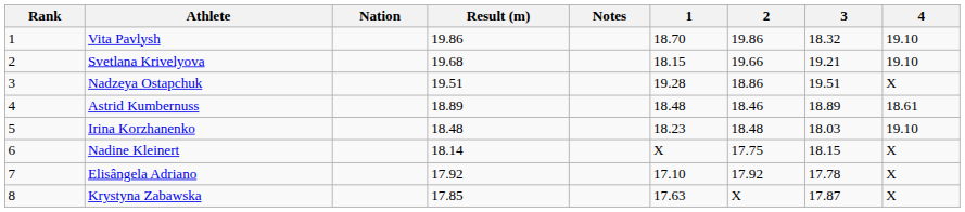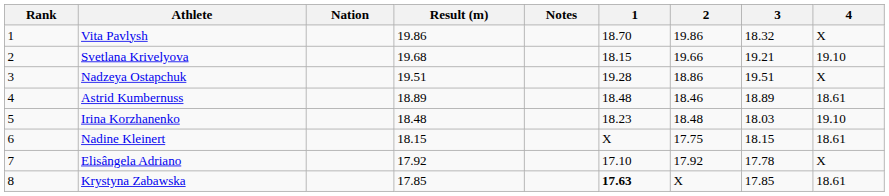 <table class="wikitable" style="text=align:center;" width=85%>
 <tr>
 <th>Rank</th>
 <th>Athlete</th>
 <th>Nation</th>
 <th>Result (m)</th>
 <th>Notes</th>
 <th>1</th>
 <th>2</th>
 <th>3</th>
 <th>4</th>
 </tr>
 <tr>
 <td>1</td>
 <td><a href='#'>Vita Pavlysh</a></td>
 <td></td>
 <td>19.86</td>
 <td></td>
 <td>18.70</td>
 <td>19.86</td>
 <td>18.32</td>
-<td>19.10</td>
+<td>X</td>
 </tr>
 <tr>
 <td>2</td>
 <td><a href='#'>Svetlana Krivelyova</a></td>
 <td></td>
 <td>19.68</td>
 <td></td>
 <td>18.15</td>
 <td>19.66</td>
 <td>19.21</td>
 <td>19.10</td>
 </tr>
 <tr>
 <td>3</td>
 <td><a href='#'>Nadzeya Ostapchuk</a></td>
 <td></td>
 <td>19.51</td>
 <td></td>
 <td>19.28</td>
 <td>18.86</td>
 <td>19.51</td>
 <td>X</td>
 </tr>
 <tr>
 <td>4</td>
 <td><a href='#'>Astrid Kumbernuss</a></td>
 <td></td>
 <td>18.89</td>
 <td></td>
 <td>18.48</td>
 <td>18.46</td>
 <td>18.89</td>
 <td>18.61</td>
 </tr>
 <tr>
 <td>5</td>
 <td><a href='#'>Irina Korzhanenko</a></td>
 <td></td>
 <td>18.48</td>
 <td></td>
 <td>18.23</td>
 <td>18.48</td>
 <td>18.03</td>
 <td>19.10</td>
 </tr>
 <tr>
 <td>6</td>
 <td><a href='#'>Nadine Kleinert</a></td>
 <td></td>
-<td>18.14</td>
+<td>18.15</td>
 <td></td>
 <td>X</td>
 <td>17.75</td>
 <td>18.15</td>
-<td>X</td>
+<td>18.61</td>
 </tr>
 <tr>
 <td>7</td>
 <td><a href='#'>Elisângela Adriano</a></td>
 <td></td>
 <td>17.92</td>
 <td></td>
 <td>17.10</td>
 <td>17.92</td>
 <td>17.78</td>
 <td>X</td>
 </tr>
 <tr>
 <td>8</td>
 <td><a href='#'>Krystyna Zabawska</a></td>
 <td></td>
 <td>17.85</td>
 <td></td>
-<td>17.63</td>
+<td><strong>17.63</strong></td>
 <td>X</td>
-<td>17.87</td>
-<td>X</td>
+<td>17.85</td>
+<td>18.61</td>
 </tr>
 </table>
